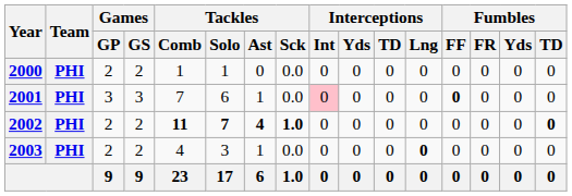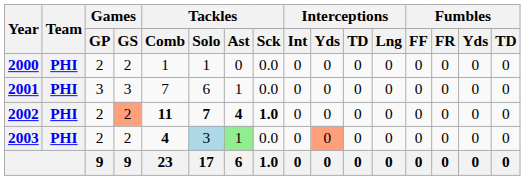 <table class="wikitable" style="text-align:center">
 <tr>
 <th rowspan="2">Year</th>
 <th rowspan="2">Team</th>
 <th colspan="2">Games</th>
 <th colspan="4">Tackles</th>
 <th colspan="4">Interceptions</th>
 <th colspan="4">Fumbles</th>
 </tr>
 <tr>
 <th>GP</th>
 <th>GS</th>
 <th>Comb</th>
 <th>Solo</th>
 <th>Ast</th>
 <th>Sck</th>
 <th>Int</th>
 <th>Yds</th>
 <th>TD</th>
 <th>Lng</th>
 <th>FF</th>
 <th>FR</th>
 <th>Yds</th>
 <th>TD</th>
 </tr>
 <tr>
 <th><a href='#'>2000</a></th>
 <th><a href='#'>PHI</a></th>
 <td>2</td>
 <td>2</td>
 <td>1</td>
 <td>1</td>
 <td>0</td>
 <td>0.0</td>
 <td>0</td>
 <td>0</td>
 <td>0</td>
 <td>0</td>
 <td>0</td>
 <td>0</td>
 <td>0</td>
 <td>0</td>
 </tr>
 <tr>
 <th><a href='#'>2001</a></th>
 <th><a href='#'>PHI</a></th>
 <td>3</td>
 <td>3</td>
 <td>7</td>
 <td>6</td>
 <td>1</td>
 <td>0.0</td>
-<td style="background: pink;">0</td>
 <td>0</td>
 <td>0</td>
 <td>0</td>
-<td><strong>0</strong></td>
+<td>0</td>
+<td>0</td>
 <td>0</td>
 <td>0</td>
 <td>0</td>
 </tr>
 <tr>
 <th><a href='#'>2002</a></th>
 <th><a href='#'>PHI</a></th>
 <td>2</td>
-<td>2</td>
+<td style="background: lightsalmon;">2</td>
 <td><strong>11</strong></td>
 <td><strong>7</strong></td>
 <td><strong>4</strong></td>
 <td><strong>1.0</strong></td>
 <td>0</td>
 <td>0</td>
 <td>0</td>
 <td>0</td>
 <td>0</td>
 <td>0</td>
 <td>0</td>
-<td><strong>0</strong></td>
+<td>0</td>
 </tr>
 <tr>
 <th><a href='#'>2003</a></th>
 <th><a href='#'>PHI</a></th>
 <td>2</td>
 <td>2</td>
-<td>4</td>
-<td>3</td>
-<td>1</td>
+<td><strong>4</strong></td>
+<td style="background: lightblue;">3</td>
+<td style="background: lightgreen;">1</td>
 <td>0.0</td>
 <td>0</td>
+<td style="background: lightsalmon;">0</td>
 <td>0</td>
 <td>0</td>
-<td><strong>0</strong></td>
 <td>0</td>
 <td>0</td>
 <td>0</td>
 <td>0</td>
 </tr>
 <tr>
 <th colspan="2"></th>
 <th>9</th>
 <th>9</th>
 <th>23</th>
 <th>17</th>
 <th>6</th>
 <th>1.0</th>
 <th>0</th>
 <th>0</th>
 <th>0</th>
 <th>0</th>
 <th>0</th>
 <th>0</th>
 <th>0</th>
 <th>0</th>
 </tr>
 </table>
